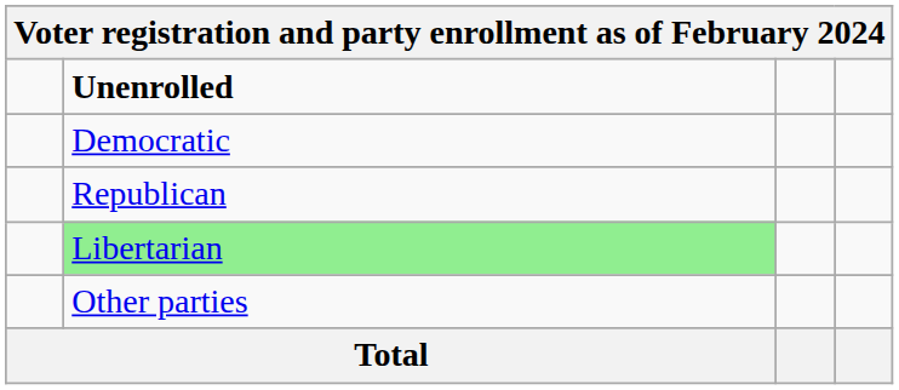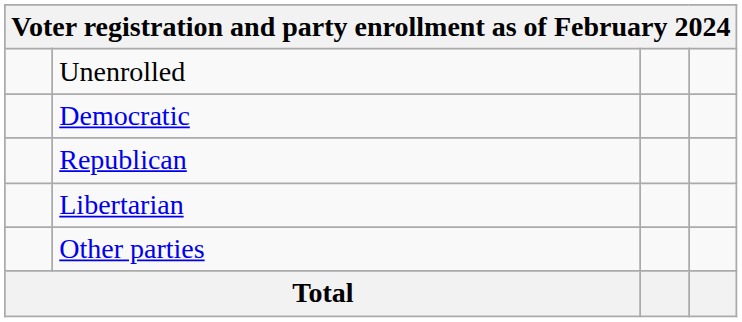 <table class=wikitable>
 <tr>
 <th colspan = 6>Voter registration and party enrollment as of February 2024</th>
 </tr>
 <tr>
 <td></td>
-<td><strong>Unenrolled</strong></td>
+<td>Unenrolled</td>
 <td align = center></td>
 <td align = center></td>
 </tr>
 <tr>
 <td></td>
 <td><a href='#'>Democratic</a></td>
 <td align = center></td>
 <td align = center></td>
 </tr>
 <tr>
 <td></td>
 <td><a href='#'>Republican</a></td>
 <td align = center></td>
 <td align = center></td>
 </tr>
 <tr>
 <td></td>
-<td style="background: lightgreen;"><a href='#'>Libertarian</a></td>
+<td><a href='#'>Libertarian</a></td>
 <td align = center></td>
 <td align = center></td>
 </tr>
 <tr>
 <td></td>
 <td><a href='#'>Other parties</a></td>
 <td align = center></td>
 <td align = center></td>
 </tr>
 <tr>
 <th colspan = 2>Total</th>
 <th align = center></th>
 <th align = center></th>
 </tr>
 </table>
